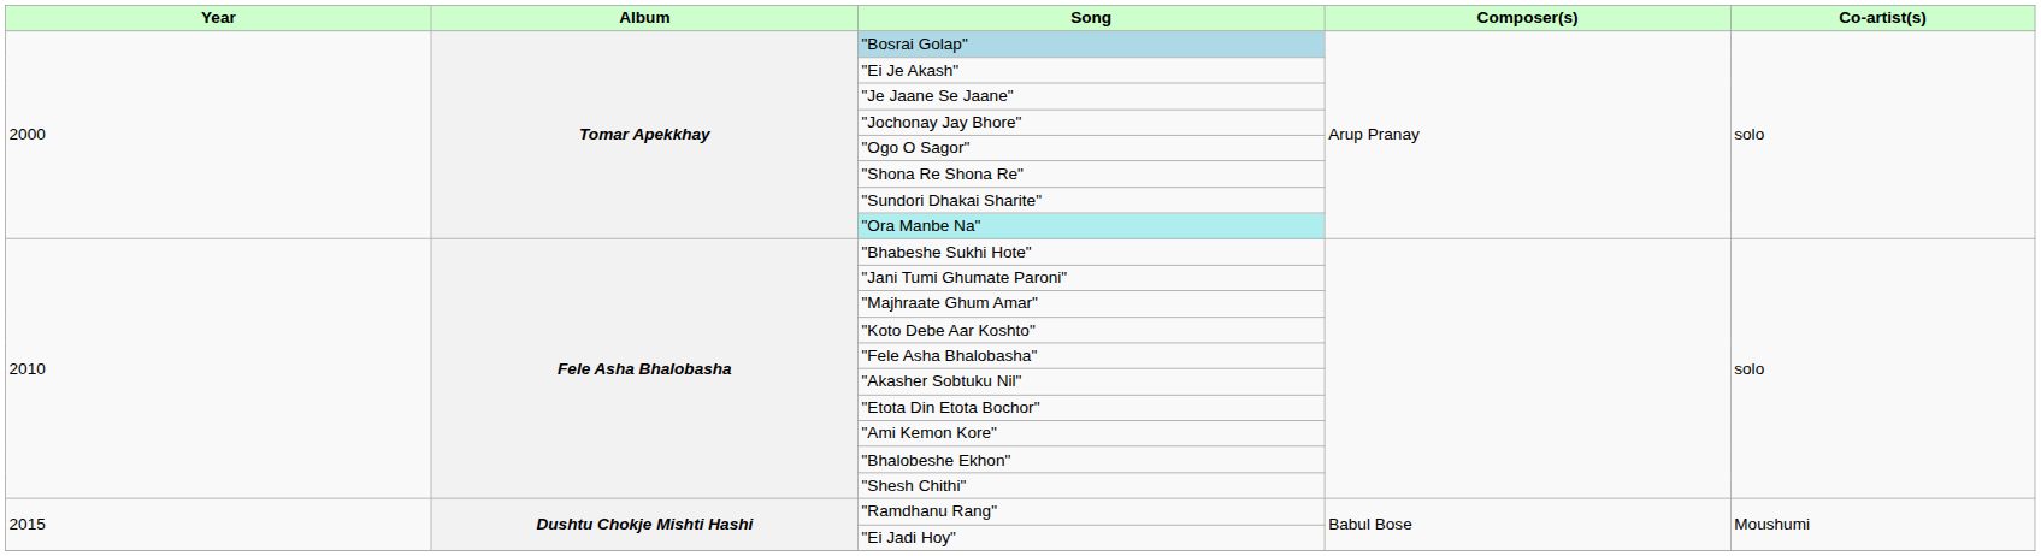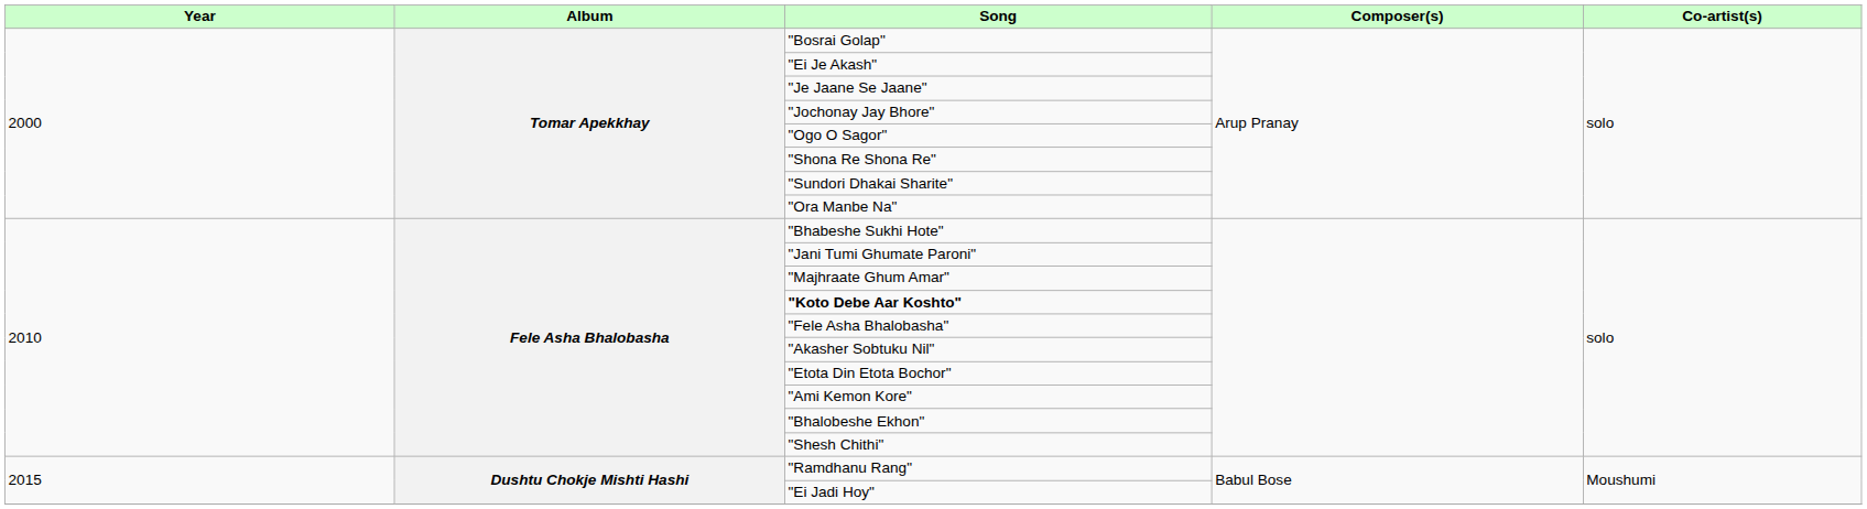 <table class="wikitable plainrowheaders" width="100%" style="textcolor:#000;">
 <tr style="background:#cfc; text-align:center;">
 <td scope="col" width=21%><strong>Year</strong></td>
 <td scope="col" width=21%><strong>Album</strong></td>
 <td scope="col" width=23%><strong>Song</strong></td>
 <td scope="col" width=20%><strong>Composer(s)</strong></td>
 <td scope="col" width=21%><strong>Co-artist(s)</strong></td>
 </tr>
 <tr>
 <td rowspan=8>2000</td>
 <th rowspan=8><em>Tomar Apekkhay</em></th>
-<td style="background: lightblue;">"Bosrai Golap"</td>
+<td>"Bosrai Golap"</td>
 <td rowspan=8>Arup Pranay</td>
 <td rowspan=8>solo</td>
 </tr>
 <tr>
 <td>"Ei Je Akash"</td>
 </tr>
 <tr>
 <td>"Je Jaane Se Jaane"</td>
 </tr>
 <tr>
 <td>"Jochonay Jay Bhore"</td>
 </tr>
 <tr>
 <td>"Ogo O Sagor"</td>
 </tr>
 <tr>
 <td>"Shona Re Shona Re"</td>
 </tr>
 <tr>
 <td>"Sundori Dhakai Sharite"</td>
 </tr>
 <tr>
-<td style="background: paleturquoise;">"Ora Manbe Na"</td>
+<td>"Ora Manbe Na"</td>
 </tr>
 <tr>
 <td rowspan=10>2010</td>
 <th rowspan=10><em>Fele Asha Bhalobasha</em></th>
 <td>"Bhabeshe Sukhi Hote"</td>
 <td rowspan=10></td>
 <td rowspan=10>solo</td>
 </tr>
 <tr>
 <td>"Jani Tumi Ghumate Paroni"</td>
 </tr>
 <tr>
 <td>"Majhraate Ghum Amar"</td>
 </tr>
 <tr>
-<td>"Koto Debe Aar Koshto"</td>
+<td><strong>"Koto Debe Aar Koshto"</strong></td>
 </tr>
 <tr>
 <td>"Fele Asha Bhalobasha"</td>
 </tr>
 <tr>
 <td>"Akasher Sobtuku Nil"</td>
 </tr>
 <tr>
 <td>"Etota Din Etota Bochor"</td>
 </tr>
 <tr>
 <td>"Ami Kemon Kore"</td>
 </tr>
 <tr>
 <td>"Bhalobeshe Ekhon"</td>
 </tr>
 <tr>
 <td>"Shesh Chithi"</td>
 </tr>
 <tr>
 <td rowspan=2>2015</td>
 <th rowspan=2><em>Dushtu Chokje Mishti Hashi</em></th>
 <td>"Ramdhanu Rang"</td>
 <td rowspan=2>Babul Bose</td>
 <td rowspan=2>Moushumi</td>
 </tr>
 <tr>
 <td>"Ei Jadi Hoy"</td>
 </tr>
 <tr>
 </tr>
 </table>
